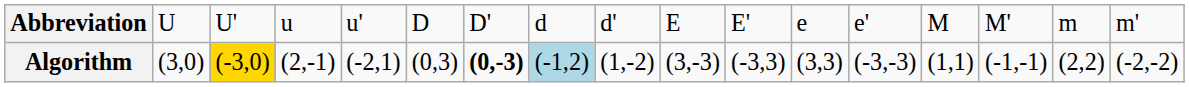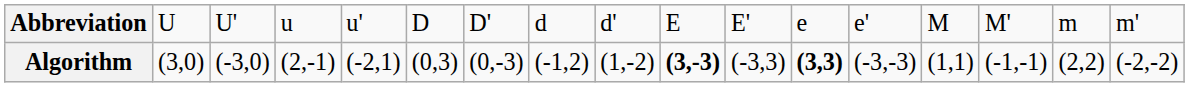 <table class="wikitable">
 <tr>
 <th>Abbreviation</th>
 <td>U</td>
 <td>U'</td>
 <td>u</td>
 <td>u'</td>
 <td>D</td>
 <td>D'</td>
 <td>d</td>
 <td>d'</td>
 <td>E</td>
 <td>E'</td>
 <td>e</td>
 <td>e'</td>
 <td>M</td>
 <td>M'</td>
 <td>m</td>
 <td>m'</td>
 </tr>
 <tr>
 <th>Algorithm</th>
 <td>(3,0)</td>
-<td style="background: gold;">(-3,0)</td>
+<td>(-3,0)</td>
 <td>(2,-1)</td>
 <td>(-2,1)</td>
 <td>(0,3)</td>
-<td><strong>(0,-3)</strong></td>
-<td style="background: lightblue;">(-1,2)</td>
+<td>(0,-3)</td>
+<td>(-1,2)</td>
 <td>(1,-2)</td>
-<td>(3,-3)</td>
+<td><strong>(3,-3)</strong></td>
 <td>(-3,3)</td>
-<td>(3,3)</td>
+<td><strong>(3,3)</strong></td>
 <td>(-3,-3)</td>
 <td>(1,1)</td>
 <td>(-1,-1)</td>
 <td>(2,2)</td>
 <td>(-2,-2)</td>
 </tr>
 </table>
